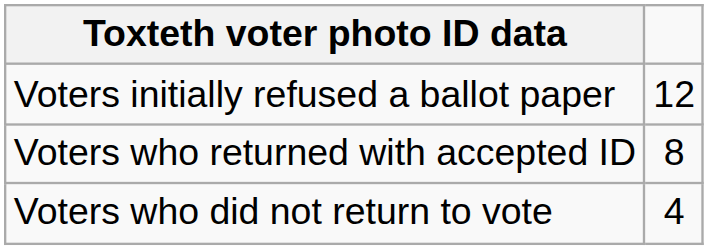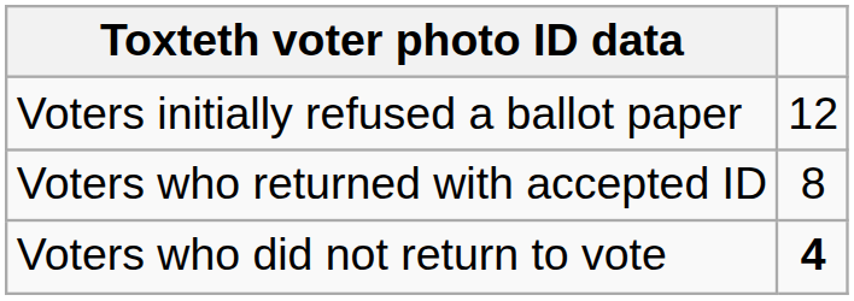 <table class="wikitable">
 <tr>
 <th>Toxteth voter photo ID data</th>
 </tr>
 <tr>
 <td style="text-align:left">Voters initially refused a ballot paper</td>
 <td style="text-align:center">12</td>
 </tr>
 <tr>
 <td style="text-align:left">Voters who returned with accepted ID</td>
 <td style="text-align:center">8</td>
 </tr>
 <tr>
 <td style="text-align:left">Voters who did not return to vote</td>
-<td style="text-align:center">4</td>
+<td style="text-align:center"><strong>4</strong></td>
 </tr>
 </table>
